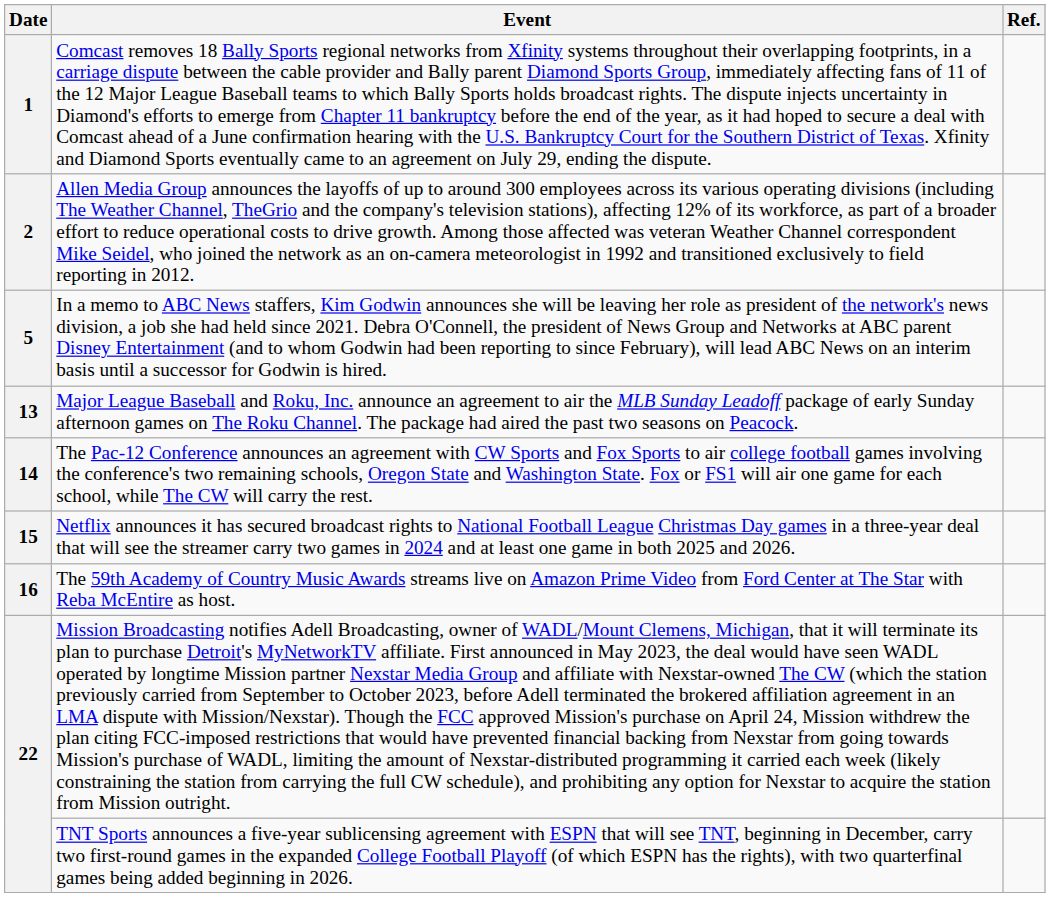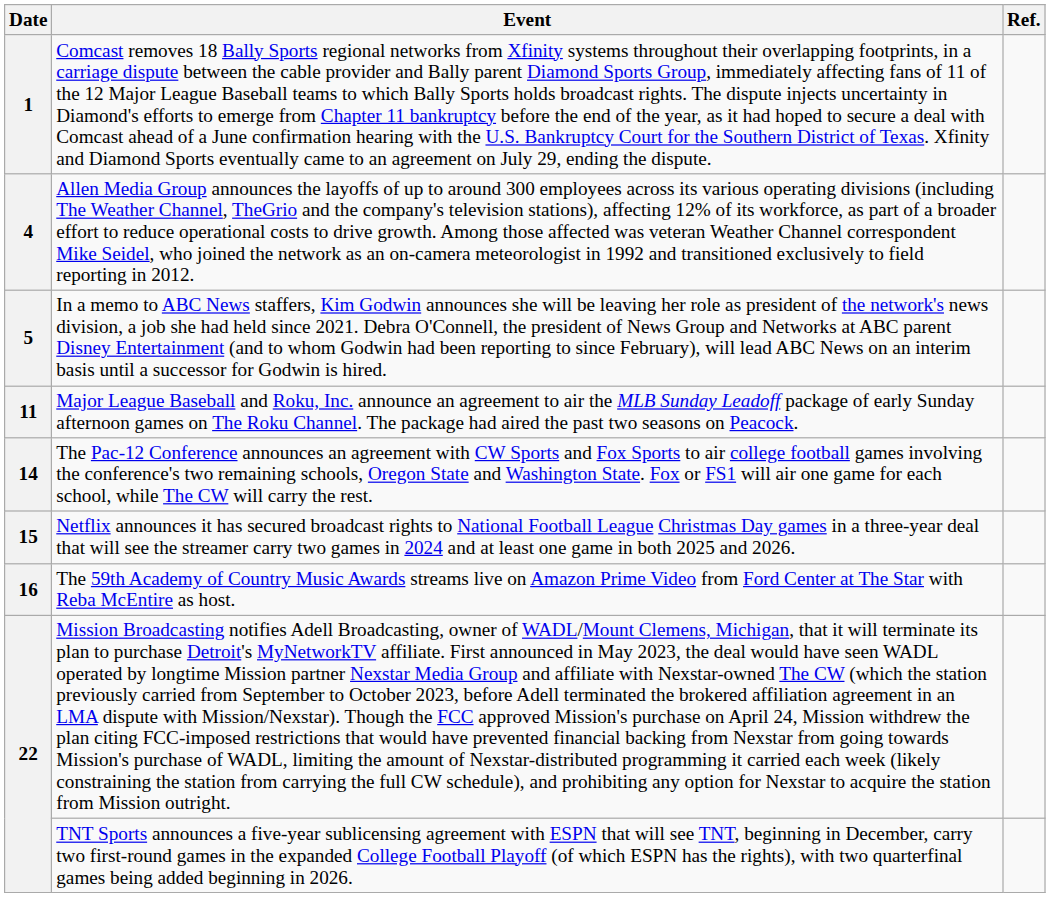 <table class="wikitable sortable">
 <tr>
 <th>Date</th>
 <th>Event</th>
 <th>Ref.</th>
 </tr>
 <tr>
 <th>1</th>
 <td><a href='#'>Comcast</a> removes 18 <a href='#'>Bally Sports</a> regional networks from <a href='#'>Xfinity</a> systems throughout their overlapping footprints, in a <a href='#'>carriage dispute</a> between the cable provider and Bally parent <a href='#'>Diamond Sports Group</a>, immediately affecting fans of 11 of the 12 Major League Baseball teams to which Bally Sports holds broadcast rights. The dispute injects uncertainty in Diamond's efforts to emerge from <a href='#'>Chapter 11 bankruptcy</a> before the end of the year, as it had hoped to secure a deal with Comcast ahead of a June confirmation hearing with the <a href='#'>U.S. Bankruptcy Court for the Southern District of Texas</a>. Xfinity and Diamond Sports eventually came to an agreement on July 29, ending the dispute.</td>
 <td></td>
 </tr>
 <tr>
-<th>2</th>
+<th>4</th>
 <td><a href='#'>Allen Media Group</a> announces the layoffs of up to around 300 employees across its various operating divisions (including <a href='#'>The Weather Channel</a>, <a href='#'>TheGrio</a> and the company's television stations), affecting 12% of its workforce, as part of a broader effort to reduce operational costs to drive growth. Among those affected was veteran Weather Channel correspondent <a href='#'>Mike Seidel</a>, who joined the network as an on-camera meteorologist in 1992 and transitioned exclusively to field reporting in 2012.</td>
 <td></td>
 </tr>
 <tr>
 <th>5</th>
 <td>In a memo to <a href='#'>ABC News</a> staffers, <a href='#'>Kim Godwin</a> announces she will be leaving her role as president of <a href='#'>the network's</a> news division, a job she had held since 2021. Debra O'Connell, the president of News Group and Networks at ABC parent <a href='#'>Disney Entertainment</a> (and to whom Godwin had been reporting to since February), will lead ABC News on an interim basis until a successor for Godwin is hired.</td>
 <td></td>
 </tr>
 <tr>
-<th>13</th>
+<th>11</th>
 <td><a href='#'>Major League Baseball</a> and <a href='#'>Roku, Inc.</a> announce an agreement to air the <em><a href='#'>MLB Sunday Leadoff</a></em> package of early Sunday afternoon games on <a href='#'>The Roku Channel</a>. The package had aired the past two seasons on <a href='#'>Peacock</a>.</td>
 <td></td>
 </tr>
 <tr>
 <th>14</th>
 <td>The <a href='#'>Pac-12 Conference</a> announces an agreement with <a href='#'>CW Sports</a> and <a href='#'>Fox Sports</a> to air <a href='#'>college football</a> games involving the conference's two remaining schools, <a href='#'>Oregon State</a> and <a href='#'>Washington State</a>. <a href='#'>Fox</a> or <a href='#'>FS1</a> will air one game for each school, while <a href='#'>The CW</a> will carry the rest.</td>
 <td></td>
 </tr>
 <tr>
 <th>15</th>
 <td><a href='#'>Netflix</a> announces it has secured broadcast rights to <a href='#'>National Football League</a> <a href='#'>Christmas Day games</a> in a three-year deal that will see the streamer carry two games in <a href='#'>2024</a> and at least one game in both 2025 and 2026.</td>
 <td></td>
 </tr>
 <tr>
 <th>16</th>
 <td>The <a href='#'>59th Academy of Country Music Awards</a> streams live on <a href='#'>Amazon Prime Video</a> from <a href='#'>Ford Center at The Star</a> with <a href='#'>Reba McEntire</a> as host.</td>
 <td></td>
 </tr>
 <tr>
 <th rowspan="2">22</th>
 <td><a href='#'>Mission Broadcasting</a> notifies Adell Broadcasting, owner of <a href='#'>WADL</a>/<a href='#'>Mount Clemens, Michigan</a>, that it will terminate its plan to purchase <a href='#'>Detroit</a>'s <a href='#'>MyNetworkTV</a> affiliate. First announced in May 2023, the deal would have seen WADL operated by longtime Mission partner <a href='#'>Nexstar Media Group</a> and affiliate with Nexstar-owned <a href='#'>The CW</a> (which the station previously carried from September to October 2023, before Adell terminated the brokered affiliation agreement in an <a href='#'>LMA</a> dispute with Mission/Nexstar). Though the <a href='#'>FCC</a> approved Mission's purchase on April 24, Mission withdrew the plan citing FCC-imposed restrictions that would have prevented financial backing from Nexstar from going towards Mission's purchase of WADL, limiting the amount of Nexstar-distributed programming it carried each week (likely constraining the station from carrying the full CW schedule), and prohibiting any option for Nexstar to acquire the station from Mission outright.</td>
 <td></td>
 </tr>
 <tr>
 <td><a href='#'>TNT Sports</a> announces a five-year sublicensing agreement with <a href='#'>ESPN</a> that will see <a href='#'>TNT</a>, beginning in December, carry two first-round games in the expanded <a href='#'>College Football Playoff</a> (of which ESPN has the rights), with two quarterfinal games being added beginning in 2026.</td>
 <td></td>
 </tr>
 </table>
